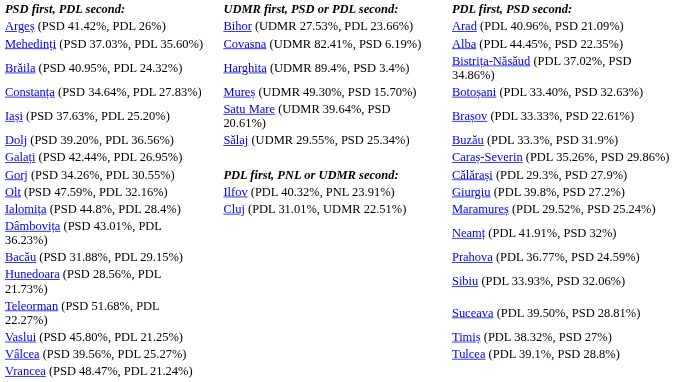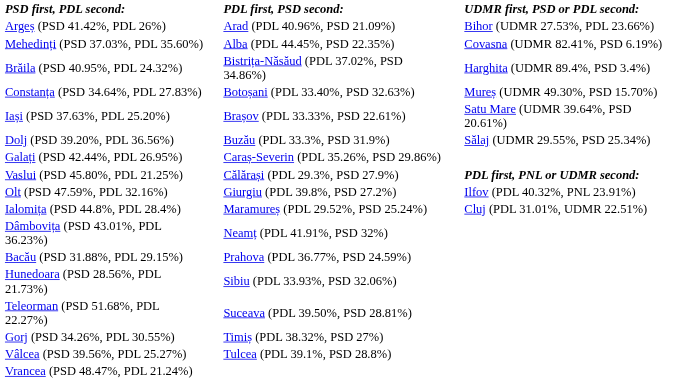 <table>
 <tr>
 <td></td>
 <td></td>
 <td></td>
 <td></td>
 <td></td>
 <td><strong><em>PSD first, PDL second:</em></strong></td>
 <td></td>
 <td></td>
 <td></td>
 <td></td>
 <td></td>
-<td><strong><em>UDMR first, PSD or PDL second:</em></strong></td>
+<td><strong><em>PDL first, PSD second:</em></strong></td>
 <td></td>
 <td></td>
 <td></td>
 <td></td>
 <td></td>
-<td><strong><em>PDL first, PSD second:</em></strong></td>
+<td><strong><em>UDMR first, PSD or PDL second:</em></strong></td>
 </tr>
 <tr>
 <td></td>
 <td></td>
 <td></td>
 <td></td>
 <td></td>
 <td><a href='#'>Argeș</a> (PSD 41.42%, PDL 26%)</td>
 <td></td>
 <td></td>
 <td></td>
 <td></td>
 <td></td>
-<td><a href='#'>Bihor</a> (UDMR 27.53%, PDL 23.66%)</td>
+<td><a href='#'>Arad</a> (PDL 40.96%, PSD 21.09%)</td>
 <td></td>
 <td></td>
 <td></td>
 <td></td>
 <td></td>
-<td><a href='#'>Arad</a> (PDL 40.96%, PSD 21.09%)</td>
+<td><a href='#'>Bihor</a> (UDMR 27.53%, PDL 23.66%)</td>
 </tr>
 <tr>
 <td></td>
 <td></td>
 <td></td>
 <td></td>
 <td></td>
 <td><a href='#'>Mehedinți</a> (PSD 37.03%, PDL 35.60%)</td>
 <td></td>
 <td></td>
 <td></td>
 <td></td>
 <td></td>
-<td><a href='#'>Covasna</a> (UDMR 82.41%, PSD 6.19%)</td>
+<td><a href='#'>Alba</a> (PDL 44.45%, PSD 22.35%)</td>
 <td></td>
 <td></td>
 <td></td>
 <td></td>
 <td></td>
-<td><a href='#'>Alba</a> (PDL 44.45%, PSD 22.35%)</td>
+<td><a href='#'>Covasna</a> (UDMR 82.41%, PSD 6.19%)</td>
 </tr>
 <tr>
 <td></td>
 <td></td>
 <td></td>
 <td></td>
 <td></td>
 <td><a href='#'>Brăila</a> (PSD 40.95%, PDL 24.32%)</td>
 <td></td>
 <td></td>
 <td></td>
 <td></td>
 <td></td>
-<td><a href='#'>Harghita</a> (UDMR 89.4%, PSD 3.4%)</td>
+<td><a href='#'>Bistrița-Năsăud</a> (PDL 37.02%, PSD 34.86%)</td>
 <td></td>
 <td></td>
 <td></td>
 <td></td>
 <td></td>
-<td><a href='#'>Bistrița-Năsăud</a> (PDL 37.02%, PSD 34.86%)</td>
+<td><a href='#'>Harghita</a> (UDMR 89.4%, PSD 3.4%)</td>
 </tr>
 <tr>
 <td></td>
 <td></td>
 <td></td>
 <td></td>
 <td></td>
 <td><a href='#'>Constanța</a> (PSD 34.64%, PDL 27.83%)</td>
 <td></td>
 <td></td>
 <td></td>
 <td></td>
 <td></td>
-<td><a href='#'>Mureș</a> (UDMR 49.30%, PSD 15.70%)</td>
+<td><a href='#'>Botoșani</a> (PDL 33.40%, PSD 32.63%)</td>
 <td></td>
 <td></td>
 <td></td>
 <td></td>
 <td></td>
-<td><a href='#'>Botoșani</a> (PDL 33.40%, PSD 32.63%)</td>
+<td><a href='#'>Mureș</a> (UDMR 49.30%, PSD 15.70%)</td>
 </tr>
 <tr>
 <td></td>
 <td></td>
 <td></td>
 <td></td>
 <td></td>
 <td><a href='#'>Iași</a> (PSD 37.63%, PDL 25.20%)</td>
 <td></td>
 <td></td>
 <td></td>
 <td></td>
 <td></td>
-<td><a href='#'>Satu Mare</a> (UDMR 39.64%, PSD 20.61%)</td>
+<td><a href='#'>Brașov</a> (PDL 33.33%, PSD 22.61%)</td>
 <td></td>
 <td></td>
 <td></td>
 <td></td>
 <td></td>
-<td><a href='#'>Brașov</a> (PDL 33.33%, PSD 22.61%)</td>
+<td><a href='#'>Satu Mare</a> (UDMR 39.64%, PSD 20.61%)</td>
 </tr>
 <tr>
 <td></td>
 <td></td>
 <td></td>
 <td></td>
 <td></td>
 <td><a href='#'>Dolj</a> (PSD 39.20%, PDL 36.56%)</td>
 <td></td>
 <td></td>
 <td></td>
 <td></td>
 <td></td>
-<td><a href='#'>Sălaj</a> (UDMR 29.55%, PSD 25.34%)</td>
+<td><a href='#'>Buzău</a> (PDL 33.3%, PSD 31.9%)</td>
 <td></td>
 <td></td>
 <td></td>
 <td></td>
 <td></td>
-<td><a href='#'>Buzău</a> (PDL 33.3%, PSD 31.9%)</td>
+<td><a href='#'>Sălaj</a> (UDMR 29.55%, PSD 25.34%)</td>
 </tr>
 <tr>
 <td></td>
 <td></td>
 <td></td>
 <td></td>
 <td></td>
 <td><a href='#'>Galați</a> (PSD 42.44%, PDL 26.95%)</td>
 <td></td>
 <td></td>
 <td></td>
 <td></td>
 <td></td>
+<td><a href='#'>Caraș-Severin</a> (PDL 35.26%, PSD 29.86%)</td>
 <td></td>
 <td></td>
 <td></td>
 <td></td>
 <td></td>
 <td></td>
-<td><a href='#'>Caraș-Severin</a> (PDL 35.26%, PSD 29.86%)</td>
+</tr>
+<tr>
+<td></td>
+<td></td>
+<td></td>
+<td></td>
+<td></td>
+<td><a href='#'>Vaslui</a> (PSD 45.80%, PDL 21.25%)</td>
+<td></td>
+<td></td>
+<td></td>
+<td></td>
+<td></td>
+<td><a href='#'>Călărași</a> (PDL 29.3%, PSD 27.9%)</td>
+<td></td>
+<td></td>
+<td></td>
+<td></td>
+<td></td>
+<td><strong><em>PDL first, PNL or UDMR second:</em></strong></td>
+</tr>
+<tr>
+<td></td>
+<td></td>
+<td></td>
+<td></td>
+<td></td>
+<td><a href='#'>Olt</a> (PSD 47.59%, PDL 32.16%)</td>
+<td></td>
+<td></td>
+<td></td>
+<td></td>
+<td></td>
+<td><a href='#'>Giurgiu</a> (PDL 39.8%, PSD 27.2%)</td>
+<td></td>
+<td></td>
+<td></td>
+<td></td>
+<td></td>
+<td><a href='#'>Ilfov</a> (PDL 40.32%, PNL 23.91%)</td>
+</tr>
+<tr>
+<td></td>
+<td></td>
+<td></td>
+<td></td>
+<td></td>
+<td><a href='#'>Ialomița</a> (PSD 44.8%, PDL 28.4%)</td>
+<td></td>
+<td></td>
+<td></td>
+<td></td>
+<td></td>
+<td><a href='#'>Maramureș</a> (PDL 29.52%, PSD 25.24%)</td>
+<td></td>
+<td></td>
+<td></td>
+<td></td>
+<td></td>
+<td><a href='#'>Cluj</a> (PDL 31.01%, UDMR 22.51%)</td>
+</tr>
+<tr>
+<td></td>
+<td></td>
+<td></td>
+<td></td>
+<td></td>
+<td><a href='#'>Dâmbovița</a> (PSD 43.01%, PDL 36.23%)</td>
+<td></td>
+<td></td>
+<td></td>
+<td></td>
+<td></td>
+<td><a href='#'>Neamț</a> (PDL 41.91%, PSD 32%)</td>
+<td></td>
+<td></td>
+<td></td>
+<td></td>
+<td></td>
+<td></td>
+</tr>
+<tr>
+<td></td>
+<td></td>
+<td></td>
+<td></td>
+<td></td>
+<td><a href='#'>Bacău</a> (PSD 31.88%, PDL 29.15%)</td>
+<td></td>
+<td></td>
+<td></td>
+<td></td>
+<td></td>
+<td><a href='#'>Prahova</a> (PDL 36.77%, PSD 24.59%)</td>
+<td></td>
+<td></td>
+<td></td>
+<td></td>
+<td></td>
+<td></td>
+</tr>
+<tr>
+<td></td>
+<td></td>
+<td></td>
+<td></td>
+<td></td>
+<td><a href='#'>Hunedoara</a> (PSD 28.56%, PDL 21.73%)</td>
+<td></td>
+<td></td>
+<td></td>
+<td></td>
+<td></td>
+<td><a href='#'>Sibiu</a> (PDL 33.93%, PSD 32.06%)</td>
+<td></td>
+<td></td>
+<td></td>
+<td></td>
+<td></td>
+<td></td>
+</tr>
+<tr>
+<td></td>
+<td></td>
+<td></td>
+<td></td>
+<td></td>
+<td><a href='#'>Teleorman</a> (PSD 51.68%, PDL 22.27%)</td>
+<td></td>
+<td></td>
+<td></td>
+<td></td>
+<td></td>
+<td><a href='#'>Suceava</a> (PDL 39.50%, PSD 28.81%)</td>
+<td></td>
+<td></td>
+<td></td>
+<td></td>
+<td></td>
+<td></td>
 </tr>
 <tr>
 <td></td>
 <td></td>
 <td></td>
 <td></td>
 <td></td>
 <td><a href='#'>Gorj</a> (PSD 34.26%, PDL 30.55%)</td>
 <td></td>
 <td></td>
 <td></td>
 <td></td>
 <td></td>
-<td><strong><em>PDL first, PNL or UDMR second:</em></strong></td>
-<td></td>
-<td></td>
-<td></td>
-<td></td>
-<td></td>
-<td><a href='#'>Călărași</a> (PDL 29.3%, PSD 27.9%)</td>
-</tr>
-<tr>
-<td></td>
-<td></td>
-<td></td>
-<td></td>
-<td></td>
-<td><a href='#'>Olt</a> (PSD 47.59%, PDL 32.16%)</td>
-<td></td>
-<td></td>
-<td></td>
-<td></td>
-<td></td>
-<td><a href='#'>Ilfov</a> (PDL 40.32%, PNL 23.91%)</td>
-<td></td>
-<td></td>
-<td></td>
-<td></td>
-<td></td>
-<td><a href='#'>Giurgiu</a> (PDL 39.8%, PSD 27.2%)</td>
-</tr>
-<tr>
-<td></td>
-<td></td>
-<td></td>
-<td></td>
-<td></td>
-<td><a href='#'>Ialomița</a> (PSD 44.8%, PDL 28.4%)</td>
-<td></td>
-<td></td>
-<td></td>
-<td></td>
-<td></td>
-<td><a href='#'>Cluj</a> (PDL 31.01%, UDMR 22.51%)</td>
-<td></td>
-<td></td>
-<td></td>
-<td></td>
-<td></td>
-<td><a href='#'>Maramureș</a> (PDL 29.52%, PSD 25.24%)</td>
-</tr>
-<tr>
-<td></td>
-<td></td>
-<td></td>
-<td></td>
-<td></td>
-<td><a href='#'>Dâmbovița</a> (PSD 43.01%, PDL 36.23%)</td>
+<td><a href='#'>Timiș</a> (PDL 38.32%, PSD 27%)</td>
 <td></td>
 <td></td>
 <td></td>
 <td></td>
 <td></td>
 <td></td>
-<td></td>
-<td></td>
-<td></td>
-<td></td>
-<td></td>
-<td><a href='#'>Neamț</a> (PDL 41.91%, PSD 32%)</td>
-</tr>
-<tr>
-<td></td>
-<td></td>
-<td></td>
-<td></td>
-<td></td>
-<td><a href='#'>Bacău</a> (PSD 31.88%, PDL 29.15%)</td>
-<td></td>
-<td></td>
-<td></td>
-<td></td>
-<td></td>
-<td></td>
-<td></td>
-<td></td>
-<td></td>
-<td></td>
-<td></td>
-<td><a href='#'>Prahova</a> (PDL 36.77%, PSD 24.59%)</td>
-</tr>
-<tr>
-<td></td>
-<td></td>
-<td></td>
-<td></td>
-<td></td>
-<td><a href='#'>Hunedoara</a> (PSD 28.56%, PDL 21.73%)</td>
-<td></td>
-<td></td>
-<td></td>
-<td></td>
-<td></td>
-<td></td>
-<td></td>
-<td></td>
-<td></td>
-<td></td>
-<td></td>
-<td><a href='#'>Sibiu</a> (PDL 33.93%, PSD 32.06%)</td>
-</tr>
-<tr>
-<td></td>
-<td></td>
-<td></td>
-<td></td>
-<td></td>
-<td><a href='#'>Teleorman</a> (PSD 51.68%, PDL 22.27%)</td>
-<td></td>
-<td></td>
-<td></td>
-<td></td>
-<td></td>
-<td></td>
-<td></td>
-<td></td>
-<td></td>
-<td></td>
-<td></td>
-<td><a href='#'>Suceava</a> (PDL 39.50%, PSD 28.81%)</td>
-</tr>
-<tr>
-<td></td>
-<td></td>
-<td></td>
-<td></td>
-<td></td>
-<td><a href='#'>Vaslui</a> (PSD 45.80%, PDL 21.25%)</td>
-<td></td>
-<td></td>
-<td></td>
-<td></td>
-<td></td>
-<td></td>
-<td></td>
-<td></td>
-<td></td>
-<td></td>
-<td></td>
-<td><a href='#'>Timiș</a> (PDL 38.32%, PSD 27%)</td>
 </tr>
 <tr>
 <td></td>
 <td></td>
 <td></td>
 <td></td>
 <td></td>
 <td><a href='#'>Vâlcea</a> (PSD 39.56%, PDL 25.27%)</td>
 <td></td>
 <td></td>
 <td></td>
 <td></td>
 <td></td>
+<td><a href='#'>Tulcea</a> (PDL 39.1%, PSD 28.8%)</td>
 <td></td>
 <td></td>
 <td></td>
 <td></td>
 <td></td>
 <td></td>
-<td><a href='#'>Tulcea</a> (PDL 39.1%, PSD 28.8%)</td>
 </tr>
 <tr>
 <td></td>
 <td></td>
 <td></td>
 <td></td>
 <td></td>
 <td><a href='#'>Vrancea</a> (PSD 48.47%, PDL 21.24%)</td>
 <td></td>
 <td></td>
 <td></td>
 <td></td>
 <td></td>
 <td></td>
 <td></td>
 <td></td>
 <td></td>
 <td></td>
 <td></td>
 <td></td>
 </tr>
 </table>
